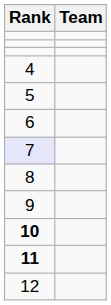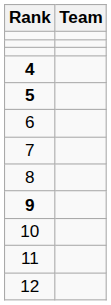 <table class="wikitable" style="text-align: center;">
 <tr>
 <th width=40>Rank</th>
 <th>Team</th>
 </tr>
 <tr>
 <td></td>
 <td align=left></td>
 </tr>
 <tr>
 <td></td>
 <td align=left></td>
 </tr>
 <tr>
 <td></td>
 <td align=left></td>
 </tr>
 <tr align=center>
-<td>4</td>
+<td><strong>4</strong></td>
 <td align=left></td>
 </tr>
 <tr align=center>
-<td>5</td>
+<td><strong>5</strong></td>
 <td align=left></td>
 </tr>
 <tr align=center>
 <td>6</td>
 <td align=left></td>
 </tr>
 <tr align=center>
-<td style="background: lavender;">7</td>
+<td>7</td>
 <td align=left></td>
 </tr>
 <tr align=center>
 <td>8</td>
 <td align=left></td>
 </tr>
 <tr align=center>
-<td>9</td>
+<td><strong>9</strong></td>
 <td align=left></td>
 </tr>
 <tr align=center>
-<td><strong>10</strong></td>
+<td>10</td>
 <td align=left></td>
 </tr>
 <tr align=center>
-<td><strong>11</strong></td>
+<td>11</td>
 <td align=left></td>
 </tr>
 <tr align=center>
 <td>12</td>
 <td align=left></td>
 </tr>
 </table>
